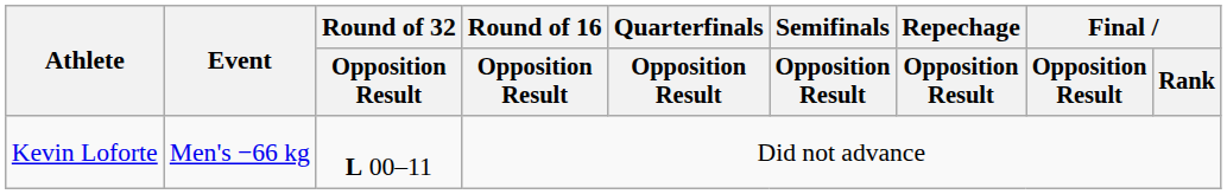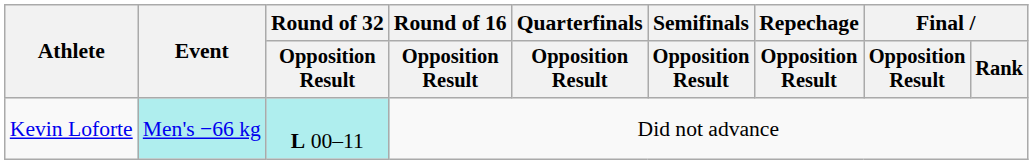 <table class="wikitable" style="font-size:90%">
 <tr>
 <th rowspan="2">Athlete</th>
 <th rowspan="2">Event</th>
 <th>Round of 32</th>
 <th>Round of 16</th>
 <th>Quarterfinals</th>
 <th>Semifinals</th>
 <th>Repechage</th>
 <th colspan=2>Final / </th>
 </tr>
 <tr style="font-size:95%">
 <th>Opposition<br>Result</th>
 <th>Opposition<br>Result</th>
 <th>Opposition<br>Result</th>
 <th>Opposition<br>Result</th>
 <th>Opposition<br>Result</th>
 <th>Opposition<br>Result</th>
 <th>Rank</th>
 </tr>
 <tr align=center>
 <td align=left><a href='#'>Kevin Loforte</a></td>
-<td align=left><a href='#'>Men's −66 kg</a></td>
-<td><br><strong>L</strong> 00–11</td>
+<td align=left style="background: paleturquoise;"><a href='#'>Men's −66 kg</a></td>
+<td style="background: paleturquoise;"><br><strong>L</strong> 00–11</td>
 <td colspan=6>Did not advance</td>
 </tr>
 </table>
